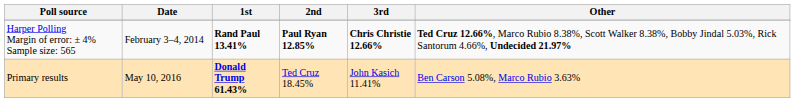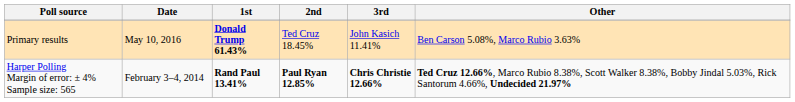 <table class="wikitable">
 <tr>
 <th style="width:180px;">Poll source</th>
 <th style="width:135px;">Date</th>
 <th style="width:100px;">1st</th>
 <th style="width:100px;">2nd</th>
 <th style="width:100px;">3rd</th>
 <th>Other</th>
 </tr>
 <tr>
 </tr>
+<tr style="background:Moccasin;">
+<td>Primary results</td>
+<td>May 10, 2016</td>
+<td><strong><a href='#'>Donald Trump</a><br>61.43%</strong></td>
+<td><a href='#'>Ted Cruz</a><br>18.45%</td>
+<td><a href='#'>John Kasich</a><br>11.41%</td>
+<td><a href='#'>Ben Carson</a> 5.08%, <a href='#'>Marco Rubio</a> 3.63%</td>
+</tr>
 <tr>
 <td><a href='#'>Harper Polling</a><br>Margin of error: ± 4% <br>Sample size: 565</td>
 <td>February 3–4, 2014</td>
 <td><strong>Rand Paul<br>13.41%</strong></td>
 <td><strong>Paul Ryan<br>12.85%</strong></td>
 <td><strong>Chris Christie<br>12.66%</strong></td>
 <td><span><strong>Ted Cruz 12.66%</strong></span>, Marco Rubio 8.38%, Scott Walker 8.38%, Bobby Jindal 5.03%, Rick Santorum 4.66%, <span><strong>Undecided 21.97%</strong></span></td>
 </tr>
-<tr style="background:Moccasin;">
-<td>Primary results</td>
-<td>May 10, 2016</td>
-<td><strong><a href='#'>Donald Trump</a><br>61.43%</strong></td>
-<td><a href='#'>Ted Cruz</a><br>18.45%</td>
-<td><a href='#'>John Kasich</a><br>11.41%</td>
-<td><a href='#'>Ben Carson</a> 5.08%, <a href='#'>Marco Rubio</a> 3.63%</td>
-</tr>
 </table>
